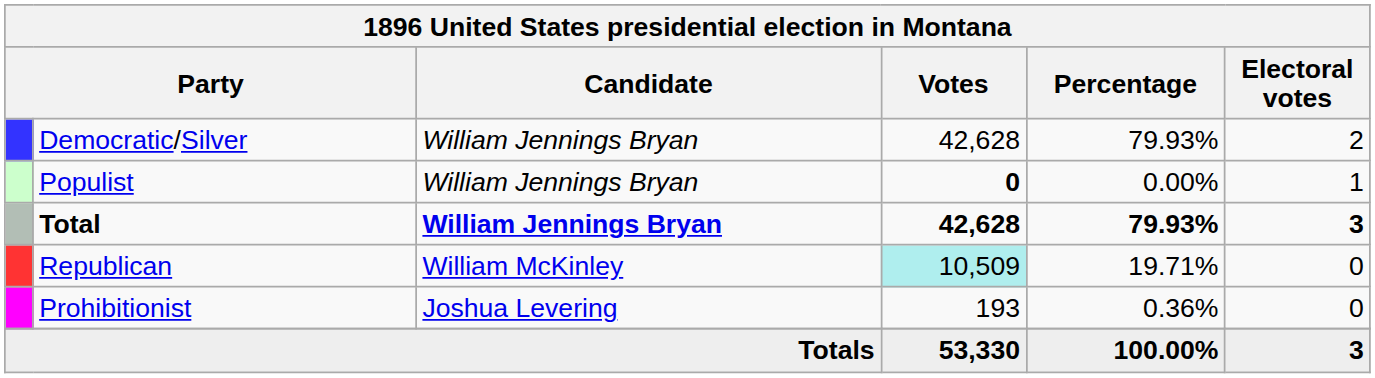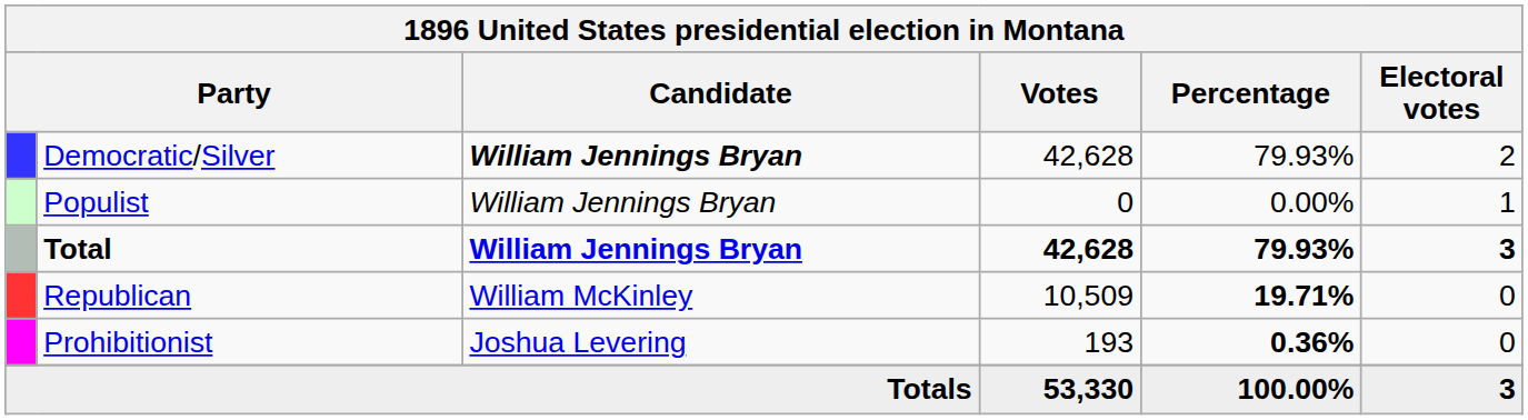 <table class="wikitable" style="font-size: 95%;">
 <tr>
 <th colspan="6">1896 United States presidential election in Montana</th>
 </tr>
 <tr>
 <th colspan="2" style="width: 15em">Party</th>
 <th style="width: 17em">Candidate</th>
 <th style="width: 5em">Votes</th>
 <th style="width: 7em">Percentage</th>
 <th style="width: 5em">Electoral votes</th>
 </tr>
 <tr>
 <th style="background-color:#3333FF; width: 3px"></th>
 <td style="width: 130px"><a href='#'>Democratic</a>/<a href='#'>Silver</a></td>
-<td><em>William Jennings Bryan</em></td>
+<td><strong><em>William Jennings Bryan</em></strong></td>
 <td align="right">42,628</td>
 <td align="right">79.93%</td>
 <td align="right">2</td>
 </tr>
 <tr>
 <th style="background-color:#CCFFCC; width: 3px"></th>
 <td style="width: 130px"><a href='#'>Populist</a></td>
 <td><em>William Jennings Bryan</em></td>
-<td align="right"><strong>0</strong></td>
+<td align="right">0</td>
 <td align="right">0.00%</td>
 <td align="right">1</td>
 </tr>
 <tr>
 <th style="background-color:#B2BEB5; width: 3px"></th>
 <td style="width: 130px"><strong> Total</strong></td>
 <td><strong><a href='#'>William Jennings Bryan</a></strong></td>
 <td align="right"><strong>42,628</strong></td>
 <td align="right"><strong>79.93%</strong></td>
 <td align="right"><strong>3</strong></td>
 </tr>
 <tr>
 <th style="background-color:#FF3333; width: 3px"></th>
 <td style="width: 130px"><a href='#'>Republican</a></td>
 <td><a href='#'>William McKinley</a></td>
-<td align="right" style="background: paleturquoise;">10,509</td>
-<td align="right">19.71%</td>
+<td align="right">10,509</td>
+<td align="right"><strong>19.71%</strong></td>
 <td align="right">0</td>
 </tr>
 <tr>
 <th style="background-color:#FF00FF; width: 3px"></th>
 <td style="width: 130px"><a href='#'>Prohibitionist</a></td>
 <td><a href='#'>Joshua Levering</a></td>
 <td align="right">193</td>
-<td align="right">0.36%</td>
+<td align="right"><strong>0.36%</strong></td>
 <td align="right">0</td>
 </tr>
 <tr>
 </tr>
 <tr bgcolor="#EEEEEE">
 <td colspan="3" align="right"><strong>Totals</strong></td>
 <td align="right"><strong>53,330</strong></td>
 <td align="right"><strong>100.00%</strong></td>
 <td align="right"><strong>3</strong></td>
 </tr>
 </table>
